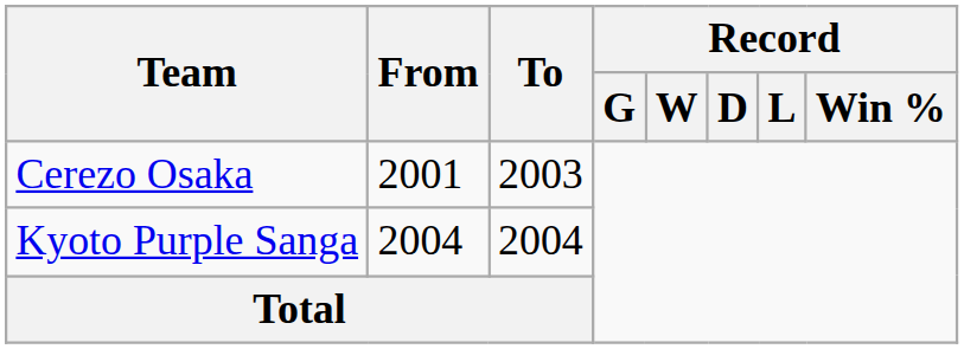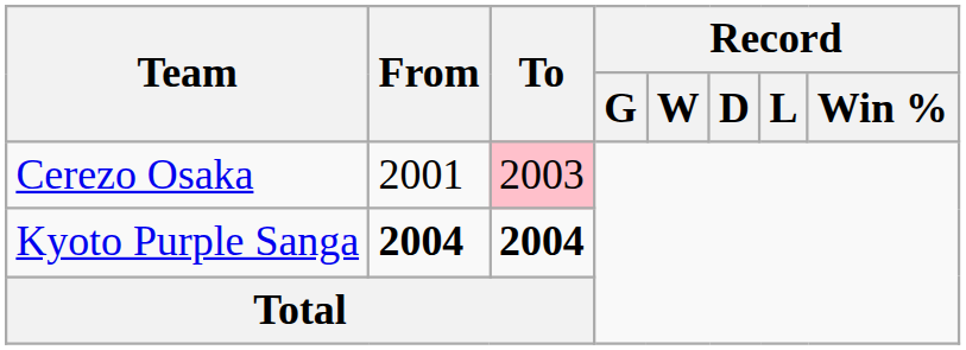 <table class="wikitable" style="text-align: center">
 <tr>
 <th rowspan="2">Team</th>
 <th rowspan="2">From</th>
 <th rowspan="2">To</th>
 <th colspan="5">Record</th>
 </tr>
 <tr>
 <th>G</th>
 <th>W</th>
 <th>D</th>
 <th>L</th>
 <th>Win %</th>
 </tr>
 <tr>
 <td align="left"><a href='#'>Cerezo Osaka</a></td>
 <td align="left">2001</td>
-<td align="left">2003<br></td>
+<td align="left" style="background: pink;">2003<br></td>
 </tr>
 <tr>
 <td align="left"><a href='#'>Kyoto Purple Sanga</a></td>
-<td align="left">2004</td>
-<td align="left">2004<br></td>
+<td align="left"><strong>2004</strong></td>
+<td align="left"><strong>2004<br></strong></td>
 </tr>
 <tr>
 <th colspan="3">Total<br></th>
 </tr>
 </table>
